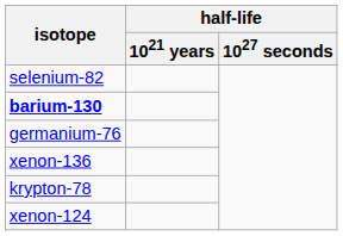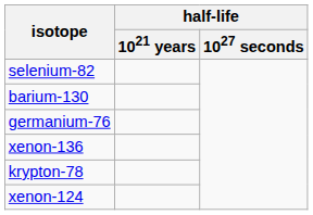 <table class="wikitable sortable">
 <tr>
 <th rowspan=2>isotope</th>
 <th colspan=2>half-life</th>
 </tr>
 <tr>
 <th>10<sup>21</sup> years</th>
 <th>10<sup>27</sup> seconds</th>
 </tr>
 <tr>
 <td><a href='#'>selenium-82</a></td>
 <td></td>
 </tr>
 <tr>
-<td><strong><a href='#'>barium-130</a></strong></td>
+<td><a href='#'>barium-130</a></td>
 <td></td>
 </tr>
 <tr>
 <td><a href='#'>germanium-76</a></td>
 <td></td>
 </tr>
 <tr>
 <td><a href='#'>xenon-136</a></td>
 <td></td>
 </tr>
 <tr>
 <td><a href='#'>krypton-78</a></td>
 <td></td>
 </tr>
 <tr>
 <td><a href='#'>xenon-124</a></td>
 <td></td>
 </tr>
 </table>
